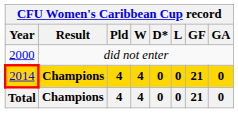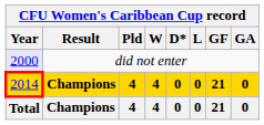 <table class="wikitable" style="text-align: center;">
 <tr>
 <th colspan=8><a href='#'>CFU Women's Caribbean Cup</a> record</th>
 </tr>
 <tr>
 <th>Year</th>
 <th>Result</th>
 <th>Pld</th>
 <th>W</th>
 <th>D*</th>
 <th>L</th>
 <th>GF</th>
 <th>GA</th>
 </tr>
 <tr>
-<td> <a href='#'>2000</a></td>
+<td style="background: lavender;"> <a href='#'>2000</a></td>
 <td colspan=7><em>did not enter</em></td>
 </tr>
 <tr bgcolor=gold>
 <td style="border: 3px solid red"> <a href='#'>2014</a></td>
 <td><strong>Champions</strong></td>
 <td><strong>4</strong></td>
 <td><strong>4</strong></td>
 <td><strong>0</strong></td>
 <td><strong>0</strong></td>
 <td><strong>21</strong></td>
 <td><strong>0</strong></td>
 </tr>
 <tr>
 <th>Total</th>
 <th>Champions</th>
 <th>4</th>
 <th>4</th>
 <th>0</th>
 <th>0</th>
 <th>21</th>
 <th>0</th>
 </tr>
 </table>
